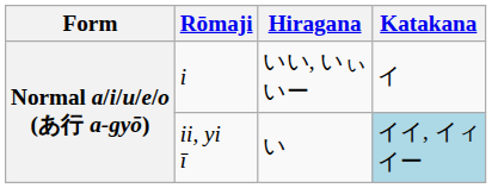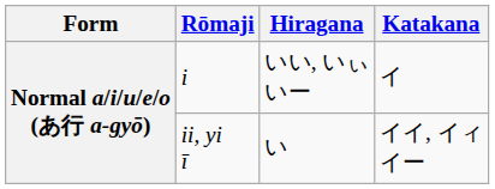 <table class="wikitable">
 <tr>
 <th>Form</th>
 <th><a href='#'>Rōmaji</a></th>
 <th><a href='#'>Hiragana</a></th>
 <th><a href='#'>Katakana</a></th>
 </tr>
 <tr>
 <th rowspan="2">Normal <em>a</em>/<em>i</em>/<em>u</em>/<em>e</em>/<em>o</em><br>(あ行 <em>a-gyō</em>)</th>
 <td><em>i</em></td>
 <td>いい, いぃ<br>いー</td>
 <td>イ</td>
 </tr>
 <tr>
 <td><em>ii, yi</em><br><em>ī</em></td>
 <td>い</td>
-<td style="background: lightblue;">イイ, イィ<br>イー</td>
+<td>イイ, イィ<br>イー</td>
 </tr>
 </table>
